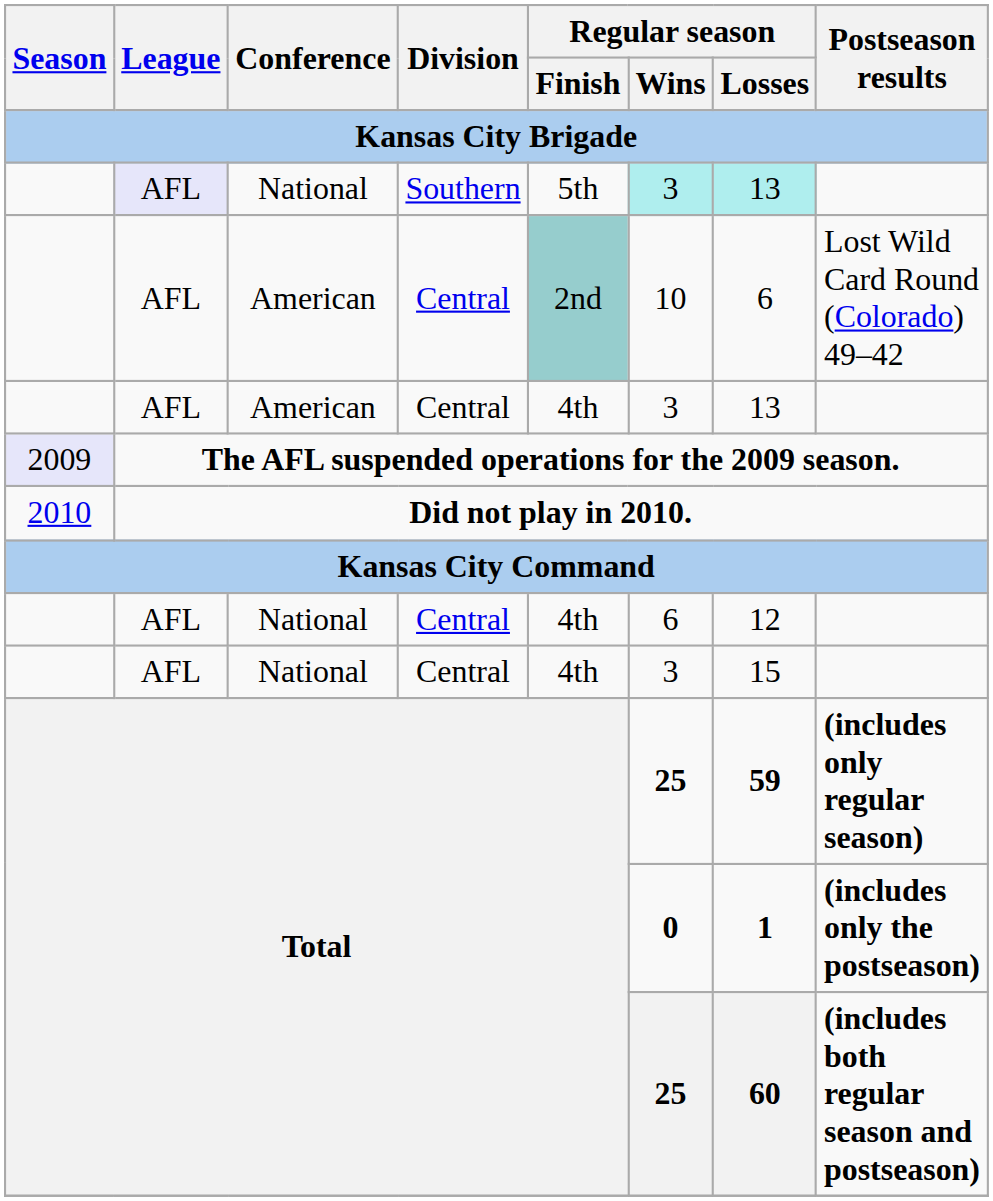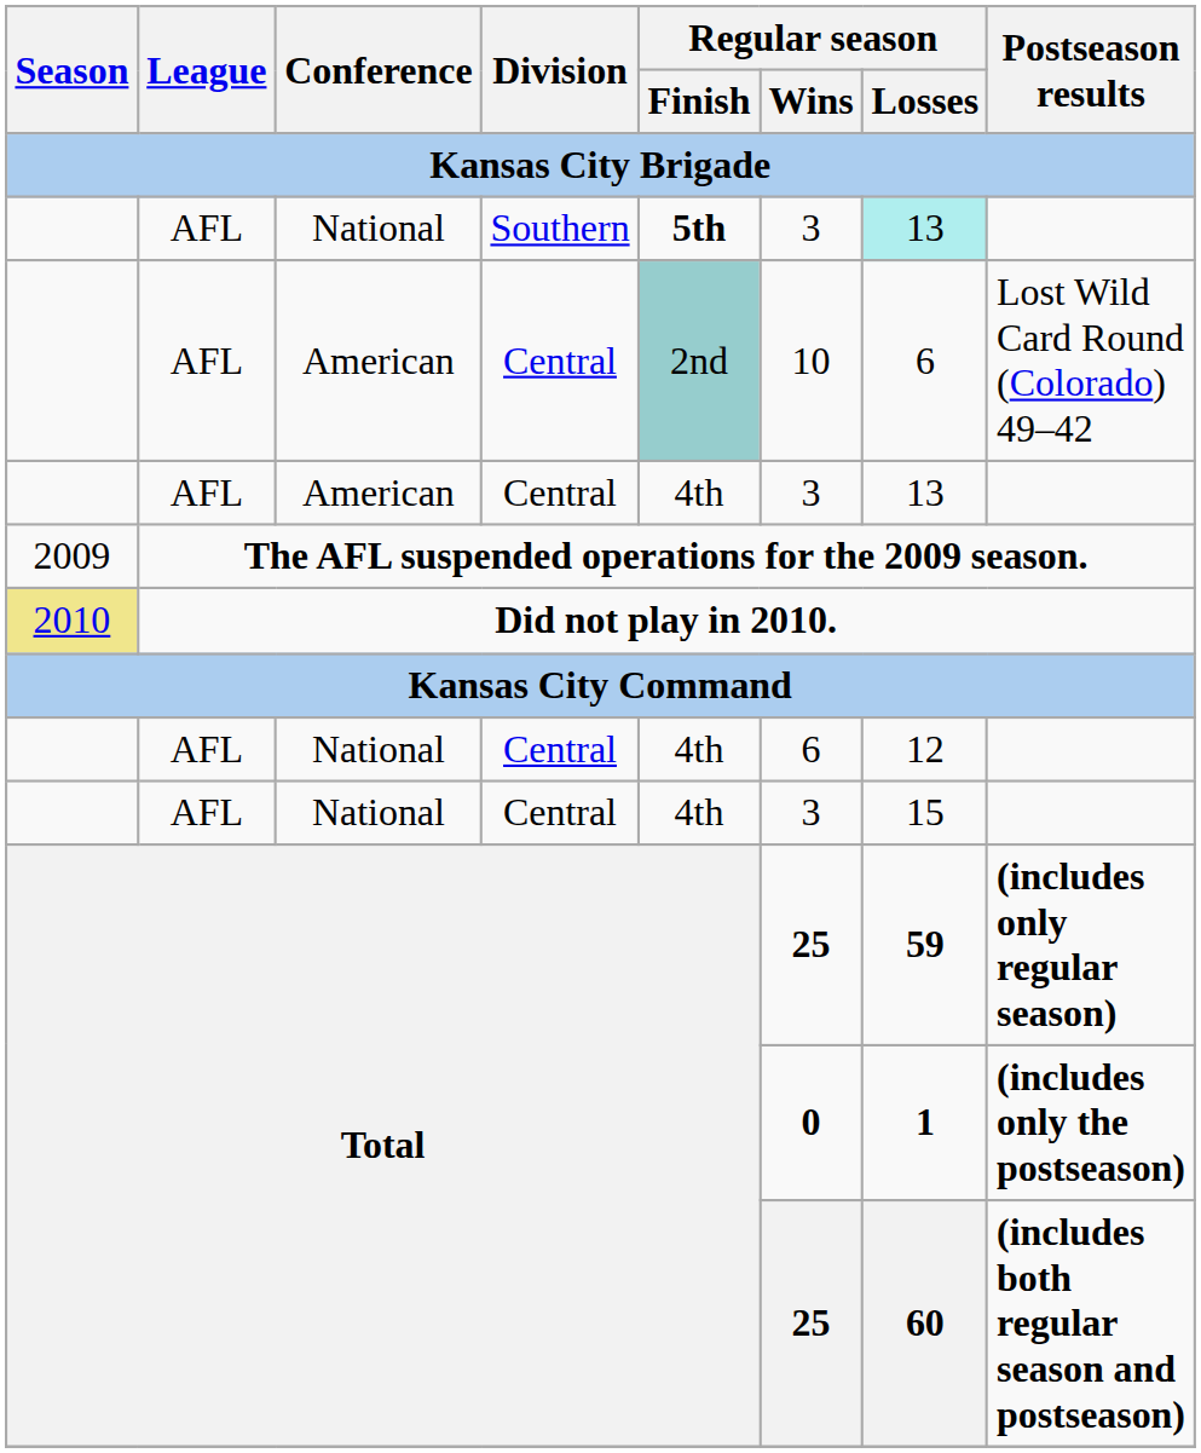 <table class="wikitable" style="font-size: 95%; width:70%;">
 <tr>
 <th rowspan="2" style="width:5%;"><a href='#'>Season</a></th>
 <th rowspan="2" style="width:5%;"><a href='#'>League</a></th>
 <th rowspan="2" style="width:5%;">Conference</th>
 <th rowspan="2">Division</th>
 <th colspan="3">Regular season</th>
 <th rowspan="2">Postseason results</th>
 </tr>
 <tr>
 <th>Finish</th>
 <th>Wins</th>
 <th>Losses</th>
 </tr>
 <tr>
 <td Colspan="8" align=center style="background:#ABCDEF"><strong><span>Kansas City Brigade</span></strong></td>
 </tr>
 <tr>
 <td align="center"></td>
-<td align="center" style="background: lavender;">AFL</td>
+<td align="center">AFL</td>
 <td align="center">National</td>
 <td align="center"><a href='#'>Southern</a></td>
-<td align="center">5th</td>
-<td align="center" style="background: paleturquoise;">3</td>
+<td align="center"><strong>5th</strong></td>
+<td align="center">3</td>
 <td align="center" style="background: paleturquoise;">13</td>
 <td></td>
 </tr>
 <tr>
 <td align="center"></td>
 <td align="center">AFL</td>
 <td align="center">American</td>
 <td align="center"><a href='#'>Central</a></td>
 <td align="center" bgcolor="#96CDCD">2nd</td>
 <td align="center">10</td>
 <td align="center">6</td>
 <td>Lost Wild Card Round (<a href='#'>Colorado</a>) 49–42</td>
 </tr>
 <tr>
 <td align="center"></td>
 <td align="center">AFL</td>
 <td align="center">American</td>
 <td align="center">Central</td>
 <td align="center">4th</td>
 <td align="center">3</td>
 <td align="center">13</td>
 <td></td>
 </tr>
 <tr>
-<td align="center" style="background: lavender;">2009</td>
+<td align="center">2009</td>
 <td align="center" Colspan="8"><strong>The AFL suspended operations for the 2009 season.</strong></td>
 </tr>
 <tr>
-<td align="center"><a href='#'>2010</a></td>
+<td align="center" style="background: khaki;"><a href='#'>2010</a></td>
 <td align="center" Colspan="8"><strong>Did not play in 2010.</strong></td>
 </tr>
 <tr>
 <td Colspan="8" align=center style="background:#ABCDEF"><strong><span>Kansas City Command</span></strong></td>
 </tr>
 <tr>
 <td align="center"></td>
 <td align="center">AFL</td>
 <td align="center">National</td>
 <td align="center"><a href='#'>Central</a></td>
 <td align="center">4th</td>
 <td align="center">6</td>
 <td align="center">12</td>
 </tr>
 <tr>
 <td align="center"></td>
 <td align="center">AFL</td>
 <td align="center">National</td>
 <td align="center">Central</td>
 <td align="center">4th</td>
 <td align="center">3</td>
 <td align="center">15</td>
 <td></td>
 </tr>
 <tr>
 <th align="center" rowSpan="3" colSpan="5">Total</th>
 <td align="center"><strong>25</strong></td>
 <td align="center"><strong>59</strong></td>
 <td colSpan="2"><strong>(includes only regular season)</strong></td>
 </tr>
 <tr>
 <td align="center"><strong>0</strong></td>
 <td align="center"><strong>1</strong></td>
 <td colSpan="2"><strong>(includes only the postseason)</strong></td>
 </tr>
 <tr>
 <th align="center">25</th>
 <th align="center">60</th>
 <td colSpan="2"><strong>(includes both regular season and postseason)</strong></td>
 </tr>
 <tr>
 </tr>
 </table>
